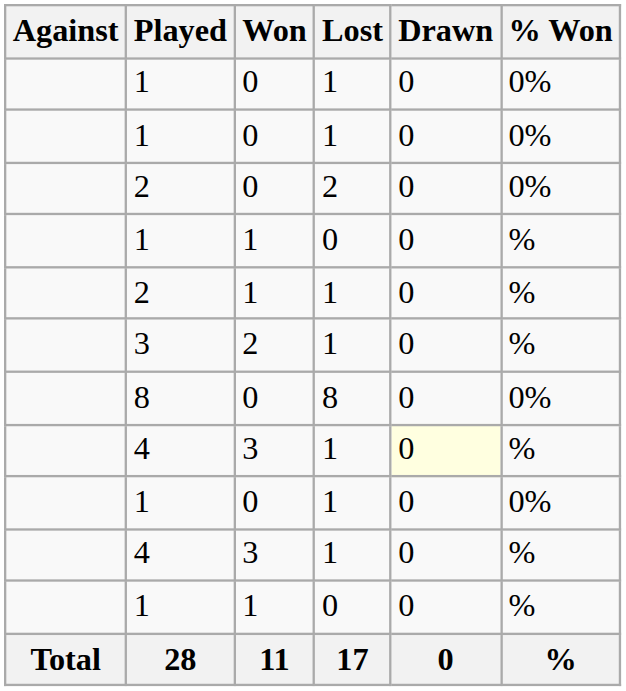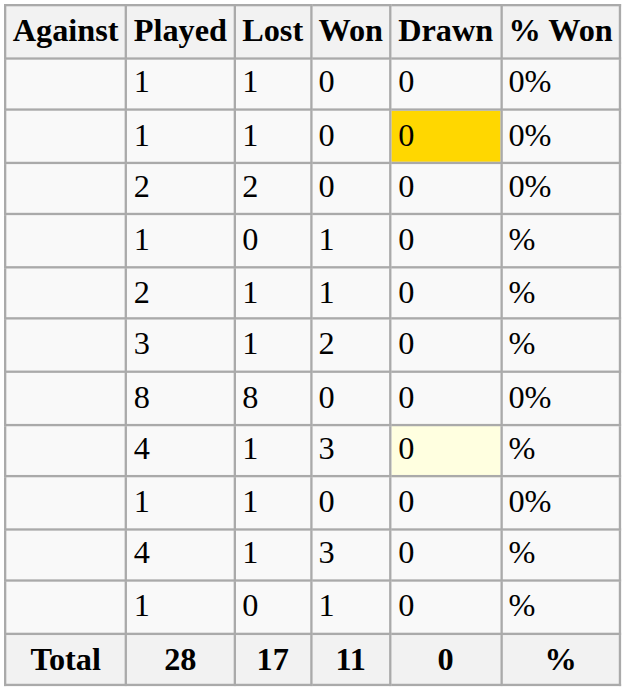 <table class="sortable wikitable" style="font-size: 87%;">
 <tr>
 <th>Against</th>
 <th>Played</th>
+<th>Lost</th>
 <th>Won</th>
-<th>Lost</th>
 <th>Drawn</th>
 <th>% Won</th>
 </tr>
 <tr>
 <td style="text-align:left"></td>
 <td>1</td>
+<td>1</td>
 <td>0</td>
+<td>0</td>
+<td>0%</td>
+</tr>
+<tr>
+<td style="text-align:left"></td>
 <td>1</td>
+<td>1</td>
+<td>0</td>
+<td style="background: gold;">0</td>
+<td>0%</td>
+</tr>
+<tr>
+<td style="text-align:left"></td>
+<td>2</td>
+<td>2</td>
+<td>0</td>
 <td>0</td>
 <td>0%</td>
 </tr>
 <tr>
 <td style="text-align:left"></td>
 <td>1</td>
 <td>0</td>
 <td>1</td>
-<td>0</td>
-<td>0%</td>
-</tr>
-<tr>
-<td style="text-align:left"></td>
-<td>2</td>
-<td>0</td>
-<td>2</td>
-<td>0</td>
-<td>0%</td>
-</tr>
-<tr>
-<td style="text-align:left"></td>
-<td>1</td>
-<td>1</td>
-<td>0</td>
 <td>0</td>
 <td>%</td>
 </tr>
 <tr>
 <td style="text-align:left"></td>
 <td>2</td>
 <td>1</td>
 <td>1</td>
 <td>0</td>
 <td>%</td>
 </tr>
 <tr>
 <td style="text-align:left"></td>
 <td>3</td>
+<td>1</td>
 <td>2</td>
-<td>1</td>
 <td>0</td>
 <td>%</td>
 </tr>
 <tr>
 <td style="text-align:left"></td>
 <td>8</td>
+<td>8</td>
 <td>0</td>
-<td>8</td>
 <td>0</td>
 <td>0%</td>
 </tr>
 <tr>
 <td style="text-align:left"></td>
 <td>4</td>
+<td>1</td>
 <td>3</td>
+<td style="background: lightyellow;">0</td>
+<td>%</td>
+</tr>
+<tr>
+<td style="text-align:left"></td>
 <td>1</td>
-<td style="background: lightyellow;">0</td>
+<td>1</td>
+<td>0</td>
+<td>0</td>
+<td>0%</td>
+</tr>
+<tr>
+<td style="text-align:left"></td>
+<td>4</td>
+<td>1</td>
+<td>3</td>
+<td>0</td>
 <td>%</td>
 </tr>
 <tr>
 <td style="text-align:left"></td>
 <td>1</td>
 <td>0</td>
 <td>1</td>
 <td>0</td>
-<td>0%</td>
-</tr>
-<tr>
-<td style="text-align:left"></td>
-<td>4</td>
-<td>3</td>
-<td>1</td>
-<td>0</td>
-<td>%</td>
-</tr>
-<tr>
-<td style="text-align:left"></td>
-<td>1</td>
-<td>1</td>
-<td>0</td>
-<td>0</td>
 <td>%</td>
 </tr>
 <tr>
 <th>Total</th>
 <th><strong>28</strong></th>
+<th><strong>17</strong></th>
 <th><strong>11</strong></th>
-<th><strong>17</strong></th>
 <th><strong>0</strong></th>
 <th><strong>%</strong></th>
 </tr>
 </table>
